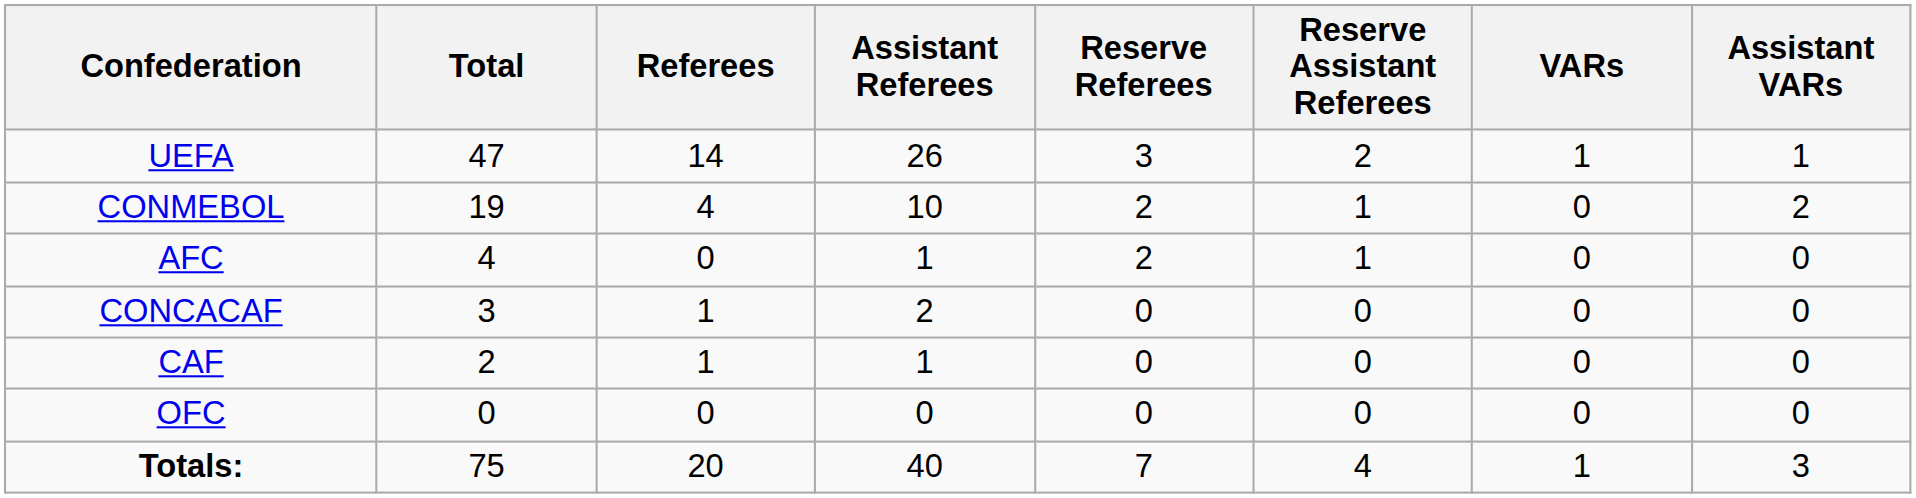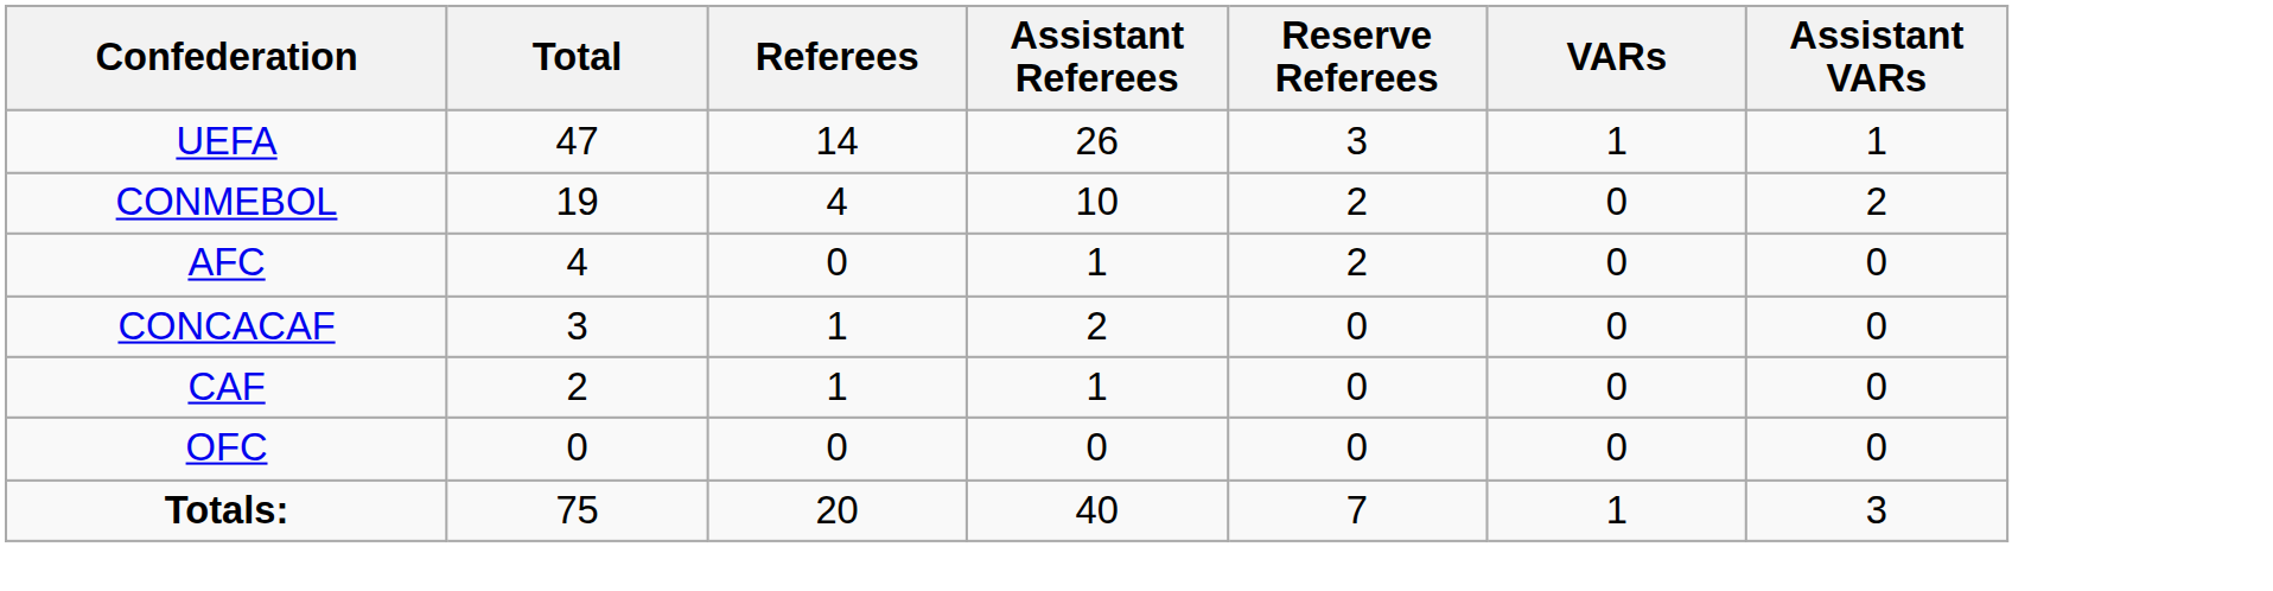 <table class="wikitable sortable">
 <tr>
 <th style="width:175px">Confederation</th>
 <th style="width:100px">Total</th>
 <th style="width:100px">Referees</th>
 <th style="width:100px">Assistant<br>Referees</th>
 <th style="width:100px">Reserve Referees</th>
-<th style="width:100px">Reserve Assistant Referees</th>
 <th style="width:100px">VARs</th>
 <th style="width:100px">Assistant VARs</th>
 </tr>
 <tr>
 <td style="text-align:center"><a href='#'>UEFA</a></td>
 <td style="text-align:center">47</td>
 <td style="text-align:center">14</td>
 <td style="text-align:center">26</td>
 <td style="text-align:center">3</td>
-<td style="text-align:center">2</td>
 <td style="text-align:center">1</td>
 <td style="text-align:center">1</td>
 </tr>
 <tr>
 <td style="text-align:center"><a href='#'>CONMEBOL</a></td>
 <td style="text-align:center">19</td>
 <td style="text-align:center">4</td>
 <td style="text-align:center">10</td>
 <td style="text-align:center">2</td>
-<td style="text-align:center">1</td>
 <td style="text-align:center">0</td>
 <td style="text-align:center">2</td>
 </tr>
 <tr>
 <td style="text-align:center"><a href='#'>AFC</a></td>
 <td style="text-align:center">4</td>
 <td style="text-align:center">0</td>
 <td style="text-align:center">1</td>
 <td style="text-align:center">2</td>
-<td style="text-align:center">1</td>
 <td style="text-align:center">0</td>
 <td style="text-align:center">0</td>
 </tr>
 <tr>
 <td style="text-align:center"><a href='#'>CONCACAF</a></td>
 <td style="text-align:center">3</td>
 <td style="text-align:center">1</td>
 <td style="text-align:center">2</td>
-<td style="text-align:center">0</td>
 <td style="text-align:center">0</td>
 <td style="text-align:center">0</td>
 <td style="text-align:center">0</td>
 </tr>
 <tr>
 <td style="text-align:center"><a href='#'>CAF</a></td>
 <td style="text-align:center">2</td>
 <td style="text-align:center">1</td>
 <td style="text-align:center">1</td>
 <td style="text-align:center">0</td>
 <td style="text-align:center">0</td>
 <td style="text-align:center">0</td>
-<td style="text-align:center">0</td>
 </tr>
 <tr>
 <td style="text-align:center"><a href='#'>OFC</a></td>
-<td style="text-align:center">0</td>
 <td style="text-align:center">0</td>
 <td style="text-align:center">0</td>
 <td style="text-align:center">0</td>
 <td style="text-align:center">0</td>
 <td style="text-align:center">0</td>
 <td style="text-align:center">0</td>
 </tr>
 <tr>
 <td style="text-align:center"><strong>Totals:</strong></td>
 <td style="text-align:center">75</td>
 <td style="text-align:center">20</td>
 <td style="text-align:center">40</td>
 <td style="text-align:center">7</td>
-<td style="text-align:center">4</td>
 <td style="text-align:center">1</td>
 <td style="text-align:center">3</td>
 </tr>
 </table>
